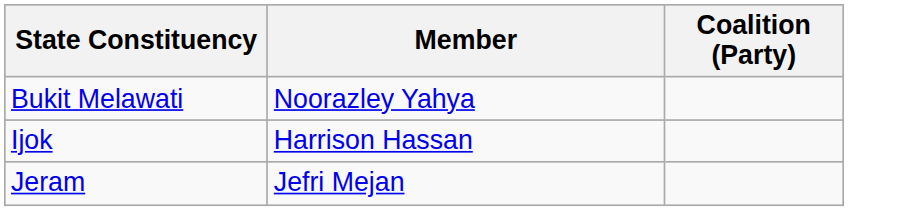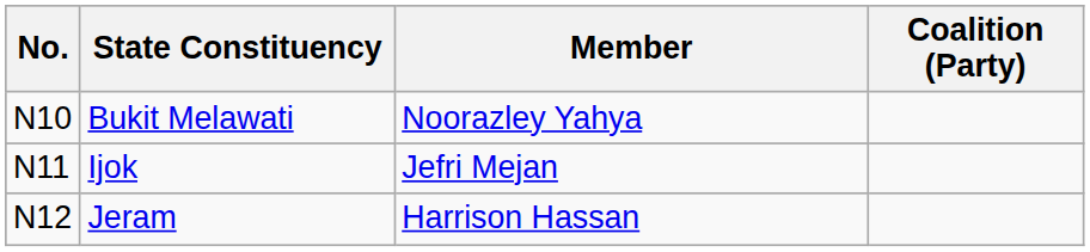 <table class="wikitable">
 <tr>
+<th width="30">No.</th>
 <th width="150">State Constituency</th>
 <th width="230">Member</th>
 <th width="100">Coalition (Party)</th>
 </tr>
 <tr>
+<td>N10</td>
 <td><a href='#'>Bukit Melawati</a></td>
 <td><a href='#'>Noorazley Yahya</a></td>
 <td></td>
 </tr>
 <tr>
+<td>N11</td>
 <td><a href='#'>Ijok</a></td>
+<td><a href='#'>Jefri Mejan</a></td>
+<td></td>
+</tr>
+<tr>
+<td>N12</td>
+<td><a href='#'>Jeram</a></td>
 <td><a href='#'>Harrison Hassan</a></td>
 <td></td>
 </tr>
-<tr>
-<td><a href='#'>Jeram</a></td>
-<td><a href='#'>Jefri Mejan</a></td>
-<td></td>
-</tr>
 </table>
